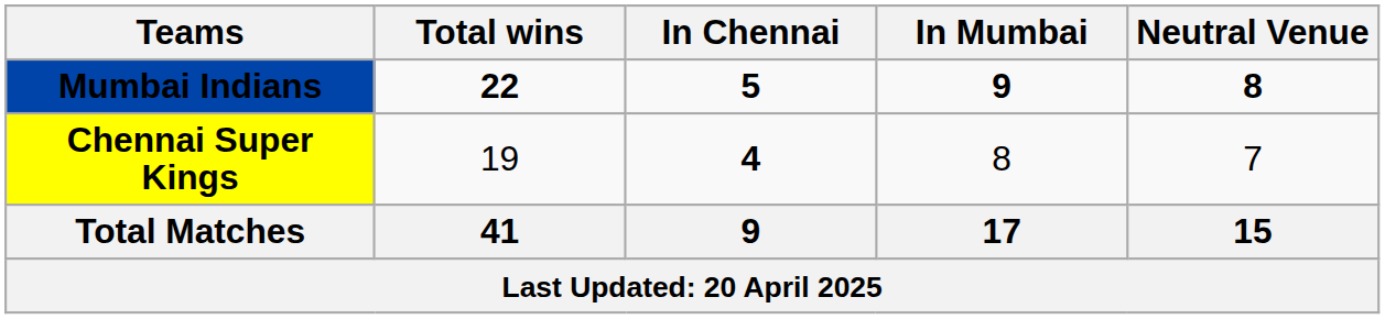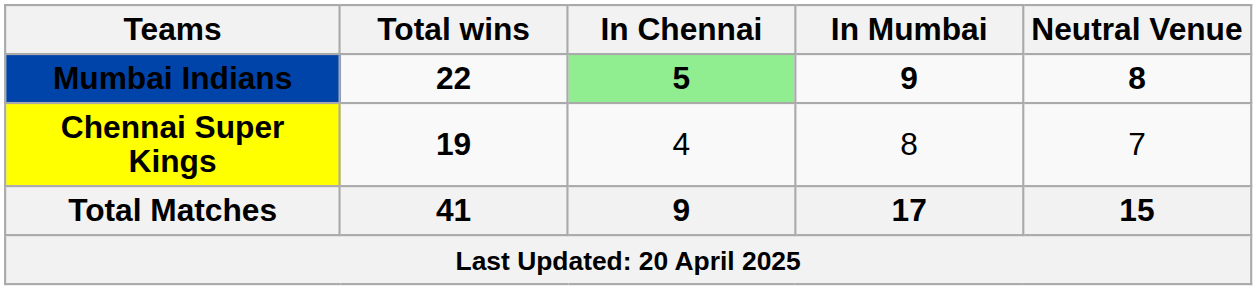 <table class="wikitable" style="text-align:center;margin:auto;font-size:93%;">
 <tr>
 <th style="width:150px;">Teams</th>
 <th style="width:100px;">Total wins</th>
 <th style="width:100px;">In Chennai</th>
 <th style="width:100px;">In Mumbai</th>
 <th style="width:100px;">Neutral Venue</th>
 </tr>
 <tr>
 <td style="background-color:#0044AA"><span><strong>Mumbai Indians</strong></span></td>
 <td><strong>22</strong></td>
-<td><strong>5</strong></td>
+<td style="background: lightgreen;"><strong>5</strong></td>
 <td><strong>9</strong></td>
 <td><strong>8</strong></td>
 </tr>
 <tr>
 <td style="background-color:yellow"><span><strong>Chennai Super Kings</strong></span></td>
-<td>19</td>
-<td><strong>4</strong></td>
+<td><strong>19</strong></td>
+<td>4</td>
 <td>8</td>
 <td>7</td>
 </tr>
 <tr>
 <th><strong>Total Matches</strong></th>
 <th>41</th>
 <th>9</th>
 <th>17</th>
 <th>15</th>
 </tr>
 <tr class=sortbottom>
 <th colspan=6><small>Last Updated: 20 April 2025</small></th>
 </tr>
 </table>
